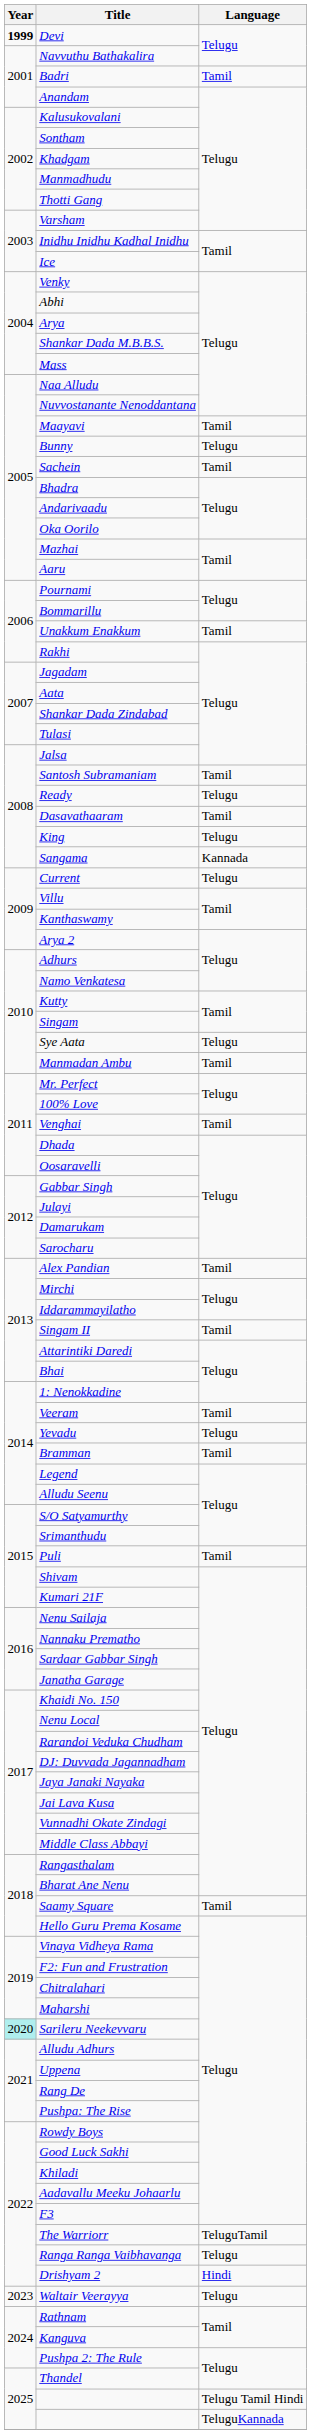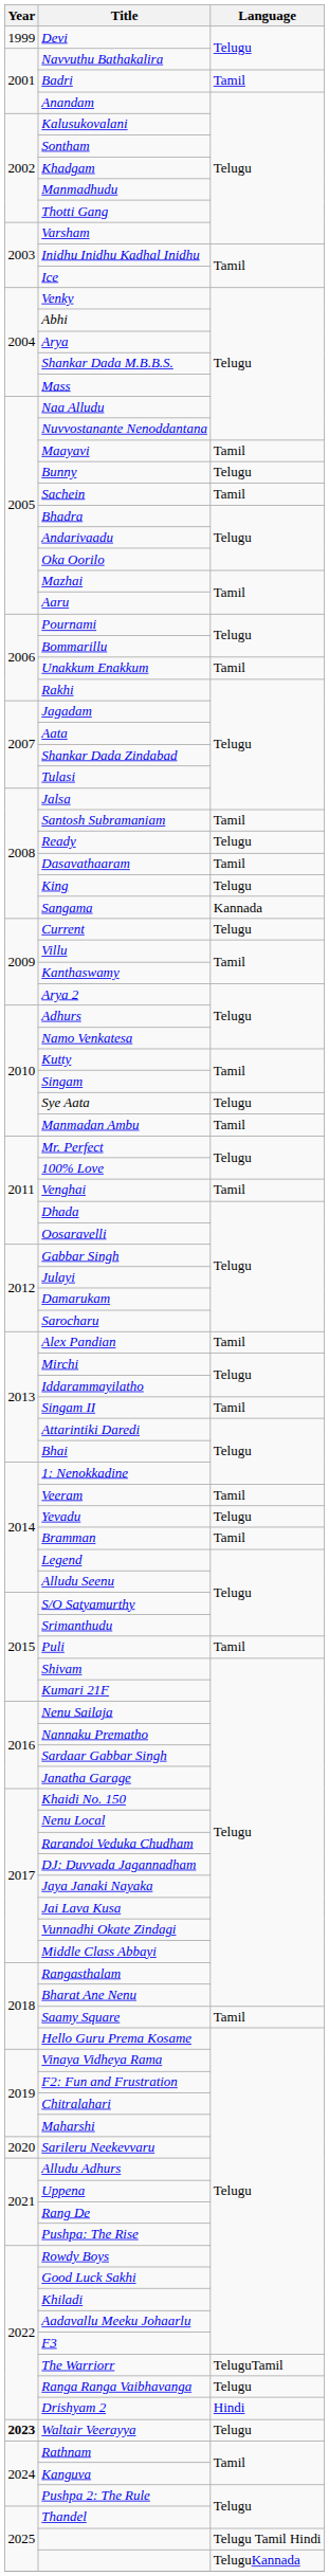 <table class="wikitable sortable">
 <tr>
 <th>Year</th>
 <th>Title</th>
 <th>Language</th>
 </tr>
 <tr>
-<td><strong>1999</strong></td>
+<td>1999</td>
 <td><em><a href='#'>Devi</a></em></td>
 <td rowspan="2"><a href='#'>Telugu</a></td>
 </tr>
 <tr>
 <td rowspan="3">2001</td>
 <td><em><a href='#'>Navvuthu Bathakalira</a></em></td>
 </tr>
 <tr>
 <td><em><a href='#'>Badri</a></em></td>
 <td><a href='#'>Tamil</a></td>
 </tr>
 <tr>
 <td><em><a href='#'>Anandam</a></em></td>
 <td rowspan="7">Telugu</td>
 </tr>
 <tr>
 <td rowspan="5">2002</td>
 <td><em><a href='#'>Kalusukovalani</a></em></td>
 </tr>
 <tr>
 <td><em><a href='#'>Sontham</a></em></td>
 </tr>
 <tr>
 <td><em><a href='#'>Khadgam</a></em></td>
 </tr>
 <tr>
 <td><em><a href='#'>Manmadhudu</a></em></td>
 </tr>
 <tr>
 <td><em><a href='#'>Thotti Gang</a></em></td>
 </tr>
 <tr>
 <td rowspan="3">2003</td>
 <td><em><a href='#'>Varsham</a></em></td>
 </tr>
 <tr>
 <td><em><a href='#'>Inidhu Inidhu Kadhal Inidhu</a></em></td>
 <td rowspan="2">Tamil</td>
 </tr>
 <tr>
 <td><em><a href='#'>Ice</a></em></td>
 </tr>
 <tr>
 <td rowspan="5">2004</td>
 <td><em><a href='#'>Venky</a></em></td>
 <td rowspan="7">Telugu</td>
 </tr>
 <tr>
 <td><em>Abhi</em></td>
 </tr>
 <tr>
 <td><em><a href='#'>Arya</a></em></td>
 </tr>
 <tr>
 <td><em><a href='#'>Shankar Dada M.B.B.S.</a></em></td>
 </tr>
 <tr>
 <td><em><a href='#'>Mass</a></em></td>
 </tr>
 <tr>
 <td rowspan="10">2005</td>
 <td><em><a href='#'>Naa Alludu</a></em></td>
 </tr>
 <tr>
 <td><em><a href='#'>Nuvvostanante Nenoddantana</a></em></td>
 </tr>
 <tr>
 <td><em><a href='#'>Maayavi</a></em></td>
 <td>Tamil</td>
 </tr>
 <tr>
 <td><em><a href='#'>Bunny</a></em></td>
 <td>Telugu</td>
 </tr>
 <tr>
 <td><em><a href='#'>Sachein</a></em></td>
 <td>Tamil</td>
 </tr>
 <tr>
 <td><a href='#'><em>Bhadra</em></a></td>
 <td rowspan="3">Telugu</td>
 </tr>
 <tr>
 <td><em><a href='#'>Andarivaadu</a></em></td>
 </tr>
 <tr>
 <td><em><a href='#'>Oka Oorilo</a></em></td>
 </tr>
 <tr>
 <td><em><a href='#'>Mazhai</a></em></td>
 <td rowspan="2">Tamil</td>
 </tr>
 <tr>
 <td><em><a href='#'>Aaru</a></em></td>
 </tr>
 <tr>
 <td rowspan="4">2006</td>
 <td><em><a href='#'>Pournami</a></em></td>
 <td rowspan="2">Telugu</td>
 </tr>
 <tr>
 <td><em><a href='#'>Bommarillu</a></em></td>
 </tr>
 <tr>
 <td><em><a href='#'>Unakkum Enakkum</a></em></td>
 <td>Tamil</td>
 </tr>
 <tr>
 <td><em><a href='#'>Rakhi</a></em></td>
 <td rowspan="6">Telugu</td>
 </tr>
 <tr>
 <td rowspan="4">2007</td>
 <td><em><a href='#'>Jagadam</a></em></td>
 </tr>
 <tr>
 <td><em><a href='#'>Aata</a></em></td>
 </tr>
 <tr>
 <td><em><a href='#'>Shankar Dada Zindabad</a></em></td>
 </tr>
 <tr>
 <td><em><a href='#'>Tulasi</a></em></td>
 </tr>
 <tr>
 <td rowspan="6">2008</td>
 <td><em><a href='#'>Jalsa</a></em></td>
 </tr>
 <tr>
 <td><em><a href='#'>Santosh Subramaniam</a></em></td>
 <td>Tamil</td>
 </tr>
 <tr>
 <td><em><a href='#'>Ready</a></em></td>
 <td>Telugu</td>
 </tr>
 <tr>
 <td><em><a href='#'>Dasavathaaram</a></em></td>
 <td>Tamil</td>
 </tr>
 <tr>
 <td><em><a href='#'>King</a></em></td>
 <td>Telugu</td>
 </tr>
 <tr>
 <td><em><a href='#'>Sangama</a></em></td>
 <td>Kannada</td>
 </tr>
 <tr>
 <td rowspan="4">2009</td>
 <td><em><a href='#'>Current</a></em></td>
 <td>Telugu</td>
 </tr>
 <tr>
 <td><em><a href='#'>Villu</a></em></td>
 <td rowspan="2">Tamil</td>
 </tr>
 <tr>
 <td><em><a href='#'>Kanthaswamy</a></em></td>
 </tr>
 <tr>
 <td><em><a href='#'>Arya 2</a></em></td>
 <td rowspan="3">Telugu</td>
 </tr>
 <tr>
 <td rowspan="6">2010</td>
 <td><em><a href='#'>Adhurs</a></em></td>
 </tr>
 <tr>
 <td><em><a href='#'>Namo Venkatesa</a></em></td>
 </tr>
 <tr>
 <td><em><a href='#'>Kutty</a></em></td>
 <td rowspan="2">Tamil</td>
 </tr>
 <tr>
 <td><em><a href='#'>Singam</a></em></td>
 </tr>
 <tr>
 <td><em>Sye Aata</em></td>
 <td>Telugu</td>
 </tr>
 <tr>
 <td><em><a href='#'>Manmadan Ambu</a></em></td>
 <td>Tamil</td>
 </tr>
 <tr>
 <td rowspan="5">2011</td>
 <td><a href='#'><em>Mr. Perfect</em></a></td>
 <td rowspan="2">Telugu</td>
 </tr>
 <tr>
 <td><em><a href='#'>100% Love</a></em></td>
 </tr>
 <tr>
 <td><em><a href='#'>Venghai</a></em></td>
 <td>Tamil</td>
 </tr>
 <tr>
 <td><em><a href='#'>Dhada</a></em></td>
 <td rowspan="6">Telugu</td>
 </tr>
 <tr>
 <td><em><a href='#'>Oosaravelli</a></em></td>
 </tr>
 <tr>
 <td rowspan="4">2012</td>
 <td><em><a href='#'>Gabbar Singh</a></em></td>
 </tr>
 <tr>
 <td><em><a href='#'>Julayi</a></em></td>
 </tr>
 <tr>
 <td><em><a href='#'>Damarukam</a></em></td>
 </tr>
 <tr>
 <td><em><a href='#'>Sarocharu</a></em></td>
 </tr>
 <tr>
 <td rowspan="6">2013</td>
 <td><em><a href='#'>Alex Pandian</a></em></td>
 <td>Tamil</td>
 </tr>
 <tr>
 <td><em><a href='#'>Mirchi</a></em></td>
 <td rowspan="2">Telugu</td>
 </tr>
 <tr>
 <td><em><a href='#'>Iddarammayilatho</a></em></td>
 </tr>
 <tr>
 <td><em><a href='#'>Singam II</a></em></td>
 <td>Tamil</td>
 </tr>
 <tr>
 <td><em><a href='#'>Attarintiki Daredi</a></em></td>
 <td rowspan="3">Telugu</td>
 </tr>
 <tr>
 <td><em><a href='#'>Bhai</a></em></td>
 </tr>
 <tr>
 <td rowspan="6">2014</td>
 <td><em><a href='#'>1: Nenokkadine</a></em></td>
 </tr>
 <tr>
 <td><em><a href='#'>Veeram</a></em></td>
 <td>Tamil</td>
 </tr>
 <tr>
 <td><em><a href='#'>Yevadu</a></em></td>
 <td>Telugu</td>
 </tr>
 <tr>
 <td><em><a href='#'>Bramman</a></em></td>
 <td>Tamil</td>
 </tr>
 <tr>
 <td><em><a href='#'>Legend</a></em></td>
 <td rowspan="4">Telugu</td>
 </tr>
 <tr>
 <td><em><a href='#'>Alludu Seenu</a></em></td>
 </tr>
 <tr>
 <td rowspan="5">2015</td>
 <td><em><a href='#'>S/O Satyamurthy</a></em></td>
 </tr>
 <tr>
 <td><em><a href='#'>Srimanthudu</a></em></td>
 </tr>
 <tr>
 <td><em><a href='#'>Puli</a></em></td>
 <td>Tamil</td>
 </tr>
 <tr>
 <td><em><a href='#'>Shivam</a></em></td>
 <td rowspan="16">Telugu</td>
 </tr>
 <tr>
 <td><em><a href='#'>Kumari 21F</a></em></td>
 </tr>
 <tr>
 <td rowspan="4">2016</td>
 <td><em><a href='#'>Nenu Sailaja</a></em></td>
 </tr>
 <tr>
 <td><em><a href='#'>Nannaku Prematho</a></em></td>
 </tr>
 <tr>
 <td><em><a href='#'>Sardaar Gabbar Singh</a></em></td>
 </tr>
 <tr>
 <td><em><a href='#'>Janatha Garage</a></em></td>
 </tr>
 <tr>
 <td rowspan="8">2017</td>
 <td><em><a href='#'>Khaidi No. 150</a></em></td>
 </tr>
 <tr>
 <td><em><a href='#'>Nenu Local</a></em></td>
 </tr>
 <tr>
 <td><em><a href='#'>Rarandoi Veduka Chudham</a></em></td>
 </tr>
 <tr>
 <td><em><a href='#'>DJ: Duvvada Jagannadham</a></em></td>
 </tr>
 <tr>
 <td><em><a href='#'>Jaya Janaki Nayaka</a></em></td>
 </tr>
 <tr>
 <td><em><a href='#'>Jai Lava Kusa</a></em></td>
 </tr>
 <tr>
 <td><em><a href='#'>Vunnadhi Okate Zindagi</a></em></td>
 </tr>
 <tr>
 <td><em><a href='#'>Middle Class Abbayi</a></em></td>
 </tr>
 <tr>
 <td rowspan="4">2018</td>
 <td><em><a href='#'>Rangasthalam</a></em></td>
 </tr>
 <tr>
 <td><em><a href='#'>Bharat Ane Nenu</a></em></td>
 </tr>
 <tr>
 <td><em><a href='#'>Saamy Square</a></em></td>
 <td>Tamil</td>
 </tr>
 <tr>
 <td><em><a href='#'>Hello Guru Prema Kosame</a></em></td>
 <td rowspan="15">Telugu</td>
 </tr>
 <tr>
 <td rowspan="4">2019</td>
 <td><em><a href='#'>Vinaya Vidheya Rama</a></em></td>
 </tr>
 <tr>
 <td><em><a href='#'>F2: Fun and Frustration</a></em></td>
 </tr>
 <tr>
 <td><em><a href='#'>Chitralahari</a></em></td>
 </tr>
 <tr>
 <td><em><a href='#'>Maharshi</a></em></td>
 </tr>
 <tr>
-<td rowspan="1" style="background: paleturquoise;">2020</td>
+<td rowspan="1">2020</td>
 <td><em><a href='#'>Sarileru Neekevvaru</a></em></td>
 </tr>
 <tr>
 <td rowspan="4">2021</td>
 <td><em><a href='#'>Alludu Adhurs</a></em></td>
 </tr>
 <tr>
 <td><em><a href='#'>Uppena</a></em></td>
 </tr>
 <tr>
 <td><em><a href='#'>Rang De</a></em></td>
 </tr>
 <tr>
 <td><a href='#'><em>Pushpa: The Rise</em></a></td>
 </tr>
 <tr>
 <td rowspan="8">2022</td>
 <td><em><a href='#'>Rowdy Boys</a></em></td>
 </tr>
 <tr>
 <td><em><a href='#'>Good Luck Sakhi</a></em></td>
 </tr>
 <tr>
 <td><em><a href='#'>Khiladi</a></em></td>
 </tr>
 <tr>
 <td><a href='#'><em>Aadavallu Meeku Johaarlu</em></a></td>
 </tr>
 <tr>
 <td><a href='#'><em>F3</em></a></td>
 </tr>
 <tr>
 <td><em><a href='#'>The Warriorr</a></em></td>
 <td>TeluguTamil</td>
 </tr>
 <tr>
 <td><em><a href='#'>Ranga Ranga Vaibhavanga</a></em></td>
 <td>Telugu</td>
 </tr>
 <tr>
 <td><em><a href='#'>Drishyam 2</a></em></td>
 <td><a href='#'>Hindi</a></td>
 </tr>
 <tr>
-<td>2023</td>
+<td><strong>2023</strong></td>
 <td><em><a href='#'>Waltair Veerayya</a></em></td>
 <td>Telugu</td>
 </tr>
 <tr>
 <td rowspan="3">2024</td>
 <td><em><a href='#'>Rathnam</a></em></td>
 <td rowspan="2">Tamil</td>
 </tr>
 <tr>
 <td><em><a href='#'>Kanguva</a></em></td>
 </tr>
 <tr>
 <td><em><a href='#'>Pushpa 2: The Rule</a></em></td>
 <td rowspan="2">Telugu</td>
 </tr>
 <tr>
 <td rowspan="3">2025</td>
 <td><em><a href='#'>Thandel</a></em></td>
 </tr>
 <tr>
 <td></td>
 <td>Telugu Tamil Hindi</td>
 </tr>
 <tr>
 <td></td>
 <td>Telugu<a href='#'>Kannada</a></td>
 </tr>
 <tr>
 </tr>
 </table>
